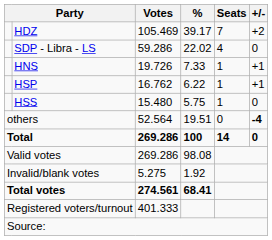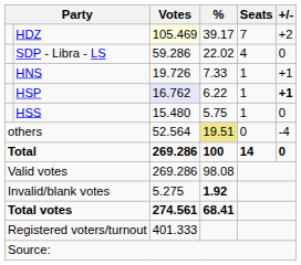 <table class="wikitable" style="text-align: left;">
 <tr>
 <th colspan="2">Party</th>
 <th>Votes</th>
 <th>%</th>
 <th>Seats</th>
 <th>+/-</th>
 </tr>
 <tr>
 <td style="background-color: "></td>
 <td><a href='#'>HDZ</a></td>
-<td>105.469</td>
+<td style="background: lightyellow;">105.469</td>
 <td>39.17</td>
 <td>7</td>
 <td>+2</td>
 </tr>
 <tr>
 <td style="background-color: "></td>
 <td><a href='#'>SDP</a> - Libra - <a href='#'>LS</a></td>
 <td>59.286</td>
 <td>22.02</td>
 <td>4</td>
 <td>0</td>
 </tr>
 <tr>
 <td style="background-color: "></td>
 <td><a href='#'>HNS</a></td>
 <td>19.726</td>
 <td>7.33</td>
 <td>1</td>
 <td>+1</td>
 </tr>
 <tr>
 <td style="background-color: "></td>
 <td><a href='#'>HSP</a></td>
-<td>16.762</td>
+<td style="background: lavender;">16.762</td>
 <td>6.22</td>
 <td>1</td>
-<td>+1</td>
+<td><strong>+1</strong></td>
 </tr>
 <tr>
 <td style="background-color: "></td>
 <td><a href='#'>HSS</a></td>
 <td>15.480</td>
 <td>5.75</td>
 <td>1</td>
 <td>0</td>
 </tr>
 <tr>
 <td colspan="2">others</td>
 <td>52.564</td>
-<td>19.51</td>
+<td style="background: khaki;">19.51</td>
 <td>0</td>
-<td><strong>-4</strong></td>
+<td>-4</td>
 </tr>
 <tr>
 <td colspan="2"><strong>Total</strong></td>
 <td><strong>269.286</strong></td>
 <td><strong>100</strong></td>
 <td><strong>14</strong></td>
 <td><strong>0</strong></td>
 </tr>
 <tr>
 <td colspan="2">Valid votes</td>
 <td>269.286</td>
 <td>98.08</td>
 <td colspan="2"></td>
 </tr>
 <tr>
 <td colspan="2">Invalid/blank votes</td>
 <td>5.275</td>
-<td>1.92</td>
+<td><strong>1.92</strong></td>
 <td colspan="2"></td>
 </tr>
 <tr>
 <td colspan="2"><strong>Total votes</strong></td>
 <td><strong>274.561</strong></td>
 <td><strong>68.41</strong></td>
 <td colspan="2"></td>
 </tr>
 <tr>
 <td colspan="2">Registered voters/turnout</td>
 <td votes14="5343">401.333</td>
 <td></td>
 <td colspan="2"></td>
 </tr>
 <tr>
 <td colspan="6">Source: </td>
 </tr>
 </table>
